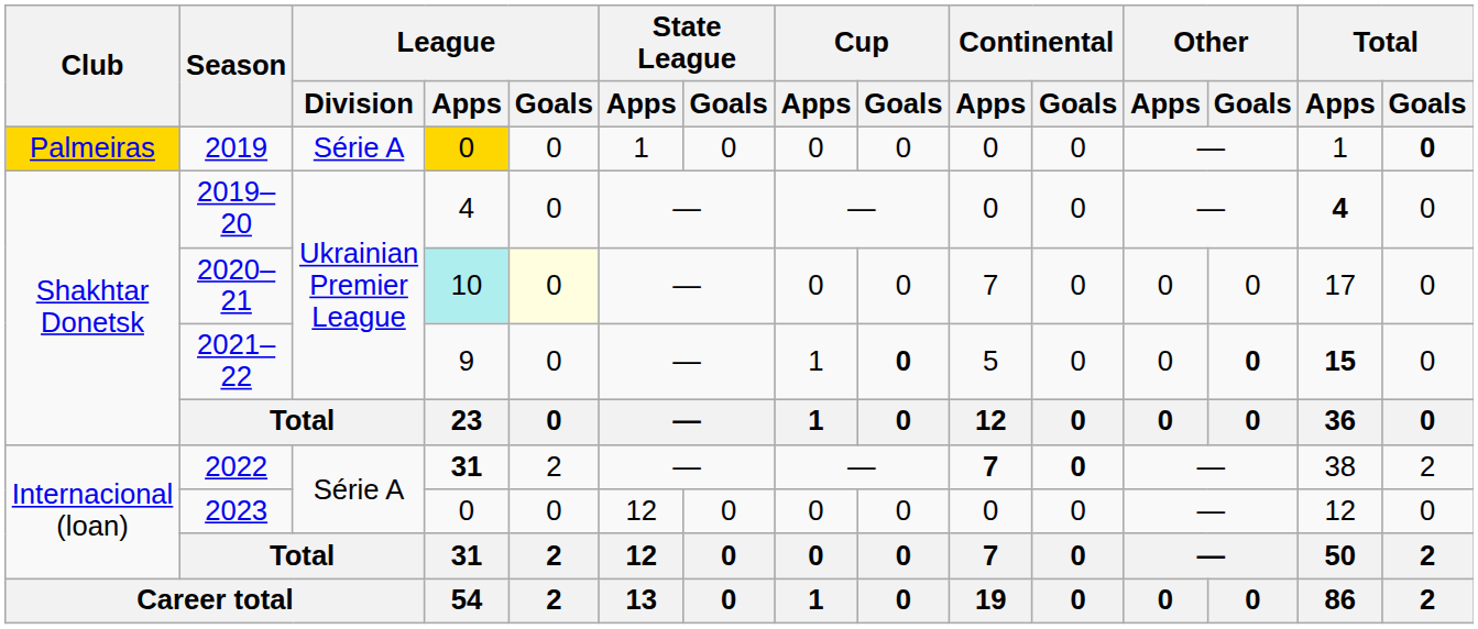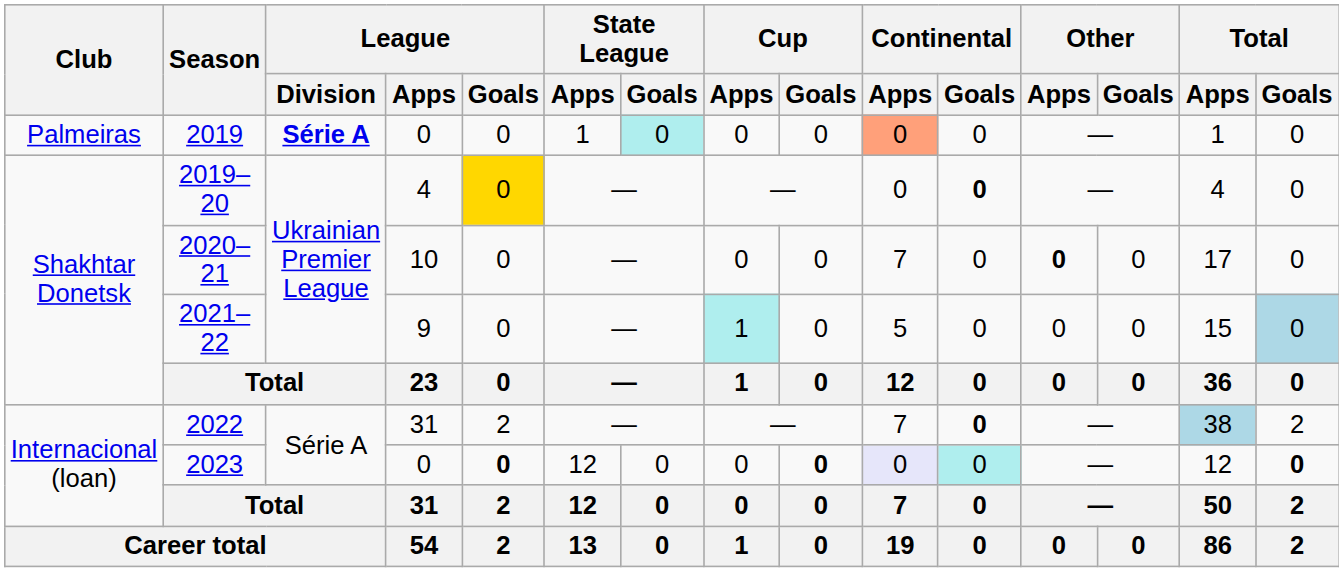 <table class="wikitable" style="text-align: center">
 <tr>
 <th rowspan="2">Club</th>
 <th rowspan="2">Season</th>
 <th colspan="3">League</th>
 <th colspan="2">State League</th>
 <th colspan="2">Cup</th>
 <th colspan="2">Continental</th>
 <th colspan="2">Other</th>
 <th colspan="2">Total</th>
 </tr>
 <tr>
 <th>Division</th>
 <th>Apps</th>
 <th>Goals</th>
 <th>Apps</th>
 <th>Goals</th>
 <th>Apps</th>
 <th>Goals</th>
 <th>Apps</th>
 <th>Goals</th>
 <th>Apps</th>
 <th>Goals</th>
 <th>Apps</th>
 <th>Goals</th>
 </tr>
 <tr>
-<td style="background: gold;"><a href='#'>Palmeiras</a></td>
+<td><a href='#'>Palmeiras</a></td>
 <td><a href='#'>2019</a></td>
-<td><a href='#'>Série A</a></td>
-<td style="background: gold;">0</td>
+<td><strong><a href='#'>Série A</a></strong></td>
+<td>0</td>
 <td>0</td>
 <td>1</td>
+<td style="background: paleturquoise;">0</td>
 <td>0</td>
 <td>0</td>
-<td>0</td>
-<td>0</td>
+<td style="background: lightsalmon;">0</td>
 <td>0</td>
 <td colspan="2">—</td>
 <td>1</td>
-<td><strong>0</strong></td>
+<td>0</td>
 </tr>
 <tr>
 <td rowspan="4"><a href='#'>Shakhtar Donetsk</a></td>
 <td><a href='#'>2019–20</a></td>
 <td rowspan="3"><a href='#'>Ukrainian Premier League</a></td>
 <td>4</td>
-<td>0</td>
+<td style="background: gold;">0</td>
 <td colspan="2">—</td>
 <td colspan="2">—</td>
 <td>0</td>
-<td>0</td>
+<td><strong>0</strong></td>
 <td colspan="2">—</td>
-<td><strong>4</strong></td>
+<td>4</td>
 <td>0</td>
 </tr>
 <tr>
 <td><a href='#'>2020–21</a></td>
-<td style="background: paleturquoise;">10</td>
-<td style="background: lightyellow;">0</td>
+<td>10</td>
+<td>0</td>
 <td colspan="2">—</td>
 <td>0</td>
 <td>0</td>
 <td>7</td>
 <td>0</td>
-<td>0</td>
+<td><strong>0</strong></td>
 <td>0</td>
 <td>17</td>
 <td>0</td>
 </tr>
 <tr>
 <td><a href='#'>2021–22</a></td>
 <td>9</td>
 <td>0</td>
 <td colspan="2">—</td>
-<td>1</td>
-<td><strong>0</strong></td>
+<td style="background: paleturquoise;">1</td>
+<td>0</td>
 <td>5</td>
 <td>0</td>
 <td>0</td>
-<td><strong>0</strong></td>
-<td><strong>15</strong></td>
 <td>0</td>
+<td>15</td>
+<td style="background: lightblue;">0</td>
 </tr>
 <tr>
 <th colspan="2">Total</th>
 <th>23</th>
 <th>0</th>
 <th colspan="2">—</th>
 <th>1</th>
 <th>0</th>
 <th>12</th>
 <th>0</th>
 <th>0</th>
 <th>0</th>
 <th>36</th>
 <th>0</th>
 </tr>
 <tr>
 <td rowspan="3"><a href='#'>Internacional</a> (loan)</td>
 <td><a href='#'>2022</a></td>
 <td rowspan="2">Série A</td>
-<td><strong>31</strong></td>
+<td>31</td>
 <td>2</td>
 <td colspan="2">—</td>
 <td colspan="2">—</td>
-<td><strong>7</strong></td>
+<td>7</td>
 <td><strong>0</strong></td>
 <td colspan="2">—</td>
-<td>38</td>
+<td style="background: lightblue;">38</td>
 <td>2</td>
 </tr>
 <tr>
 <td><a href='#'>2023</a></td>
 <td>0</td>
-<td>0</td>
+<td><strong>0</strong></td>
 <td>12</td>
 <td>0</td>
 <td>0</td>
-<td>0</td>
-<td>0</td>
-<td>0</td>
+<td><strong>0</strong></td>
+<td style="background: lavender;">0</td>
+<td style="background: paleturquoise;">0</td>
 <td colspan="2">—</td>
 <td>12</td>
-<td>0</td>
+<td><strong>0</strong></td>
 </tr>
 <tr>
 <th colspan="2">Total</th>
 <th>31</th>
 <th>2</th>
 <th>12</th>
 <th>0</th>
 <th>0</th>
 <th>0</th>
 <th>7</th>
 <th>0</th>
 <th colspan="2">—</th>
 <th>50</th>
 <th>2</th>
 </tr>
 <tr>
 <th colspan="3">Career total</th>
 <th>54</th>
 <th>2</th>
 <th>13</th>
 <th>0</th>
 <th>1</th>
 <th>0</th>
 <th>19</th>
 <th>0</th>
 <th>0</th>
 <th>0</th>
 <th>86</th>
 <th>2</th>
 </tr>
 </table>
